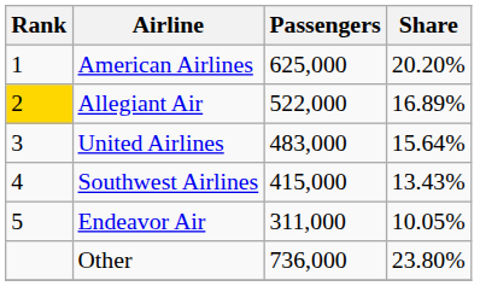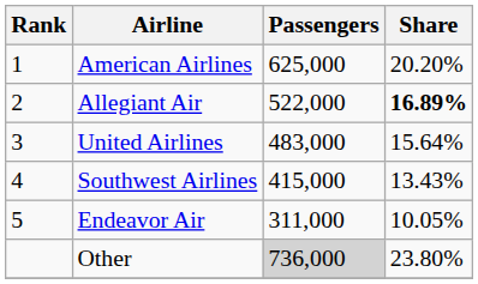 <table class="wikitable sortable" style="font-size: 95%">
 <tr>
 <th>Rank</th>
 <th>Airline</th>
 <th>Passengers</th>
 <th>Share</th>
 </tr>
 <tr>
 <td>1</td>
 <td><a href='#'>American Airlines</a></td>
 <td>625,000</td>
 <td>20.20%</td>
 </tr>
 <tr>
-<td style="background: gold;">2</td>
+<td>2</td>
 <td><a href='#'>Allegiant Air</a></td>
 <td>522,000</td>
-<td>16.89%</td>
+<td><strong>16.89%</strong></td>
 </tr>
 <tr>
 <td>3</td>
 <td><a href='#'>United Airlines</a></td>
 <td>483,000</td>
 <td>15.64%</td>
 </tr>
 <tr>
 <td>4</td>
 <td><a href='#'>Southwest Airlines</a></td>
 <td>415,000</td>
 <td>13.43%</td>
 </tr>
 <tr>
 <td>5</td>
 <td><a href='#'>Endeavor Air</a></td>
 <td>311,000</td>
 <td>10.05%</td>
 </tr>
 <tr>
 <td></td>
 <td>Other</td>
-<td>736,000</td>
+<td style="background: lightgrey;">736,000</td>
 <td>23.80%</td>
 </tr>
 <tr>
 </tr>
 </table>
